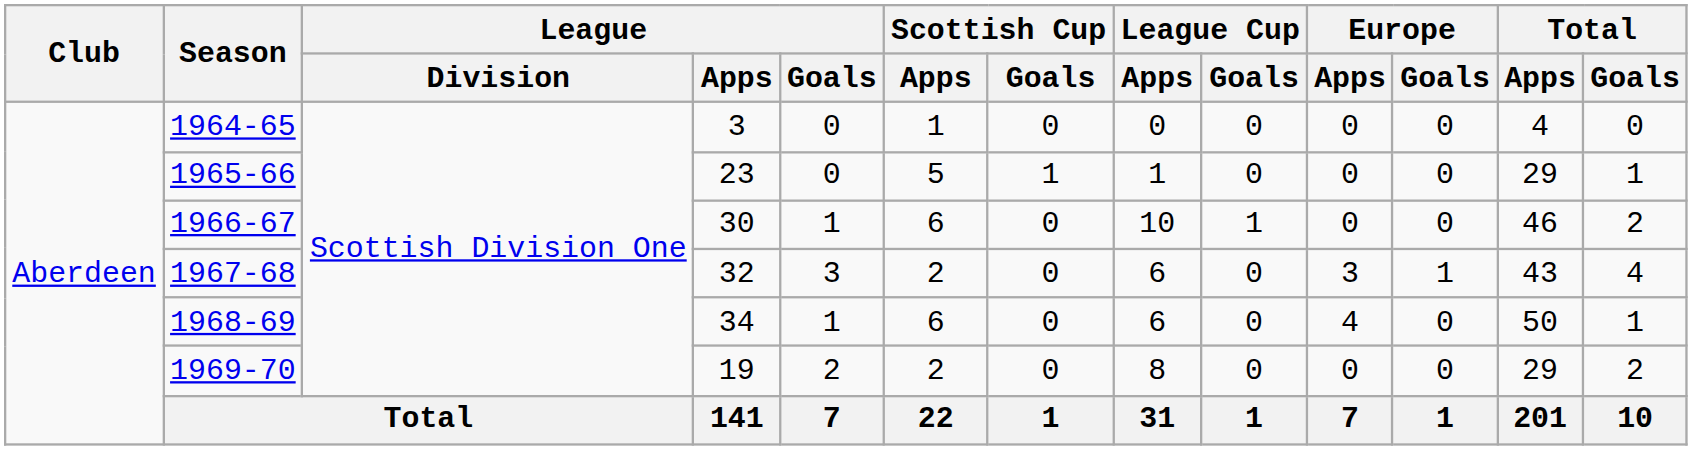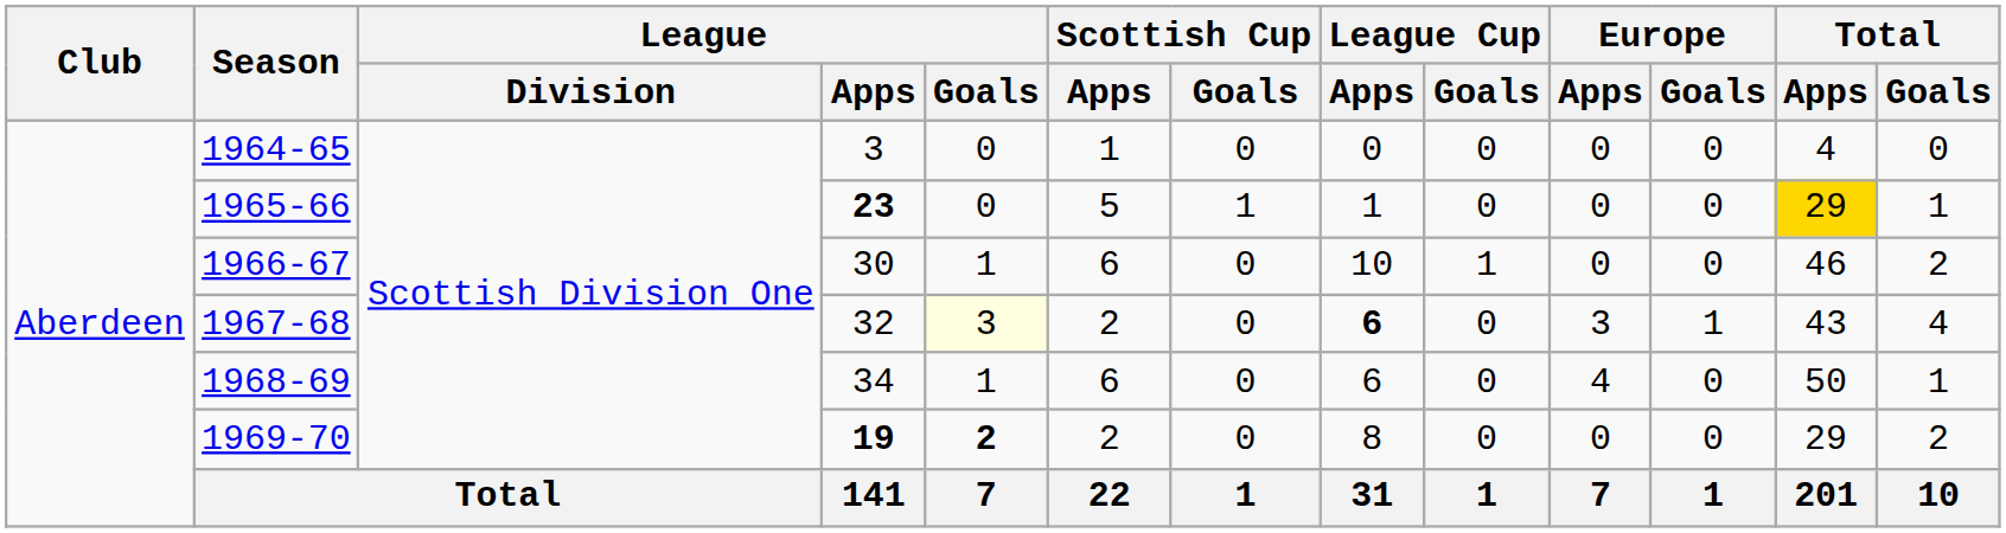 <table class="wikitable" style="text-align:center">
 <tr>
 <th rowspan="2">Club</th>
 <th rowspan="2">Season</th>
 <th colspan="3">League</th>
 <th colspan="2">Scottish Cup</th>
 <th colspan="2">League Cup</th>
 <th colspan="2">Europe</th>
 <th colspan="2">Total</th>
 </tr>
 <tr>
 <th>Division</th>
 <th>Apps</th>
 <th>Goals</th>
 <th>Apps</th>
 <th>Goals</th>
 <th>Apps</th>
 <th>Goals</th>
 <th>Apps</th>
 <th>Goals</th>
 <th>Apps</th>
 <th>Goals</th>
 </tr>
 <tr>
 <td rowspan="7"><a href='#'>Aberdeen</a></td>
 <td><a href='#'>1964-65</a></td>
 <td rowspan="6"><a href='#'>Scottish Division One</a></td>
 <td>3</td>
 <td>0</td>
 <td>1</td>
 <td>0</td>
 <td>0</td>
 <td>0</td>
 <td>0</td>
 <td>0</td>
 <td>4</td>
 <td>0</td>
 </tr>
 <tr>
 <td><a href='#'>1965-66</a></td>
-<td>23</td>
+<td><strong>23</strong></td>
 <td>0</td>
 <td>5</td>
 <td>1</td>
 <td>1</td>
 <td>0</td>
 <td>0</td>
 <td>0</td>
-<td>29</td>
+<td style="background: gold;">29</td>
 <td>1</td>
 </tr>
 <tr>
 <td><a href='#'>1966-67</a></td>
 <td>30</td>
 <td>1</td>
 <td>6</td>
 <td>0</td>
 <td>10</td>
 <td>1</td>
 <td>0</td>
 <td>0</td>
 <td>46</td>
 <td>2</td>
 </tr>
 <tr>
 <td><a href='#'>1967-68</a></td>
 <td>32</td>
-<td>3</td>
+<td style="background: lightyellow;">3</td>
 <td>2</td>
 <td>0</td>
-<td>6</td>
+<td><strong>6</strong></td>
 <td>0</td>
 <td>3</td>
 <td>1</td>
 <td>43</td>
 <td>4</td>
 </tr>
 <tr>
 <td><a href='#'>1968-69</a></td>
 <td>34</td>
 <td>1</td>
 <td>6</td>
 <td>0</td>
 <td>6</td>
 <td>0</td>
 <td>4</td>
 <td>0</td>
 <td>50</td>
 <td>1</td>
 </tr>
 <tr>
 <td><a href='#'>1969-70</a></td>
-<td>19</td>
-<td>2</td>
+<td><strong>19</strong></td>
+<td><strong>2</strong></td>
 <td>2</td>
 <td>0</td>
 <td>8</td>
 <td>0</td>
 <td>0</td>
 <td>0</td>
 <td>29</td>
 <td>2</td>
 </tr>
 <tr>
 <th colspan="2">Total</th>
 <th>141</th>
 <th>7</th>
 <th>22</th>
 <th>1</th>
 <th>31</th>
 <th>1</th>
 <th>7</th>
 <th>1</th>
 <th>201</th>
 <th>10</th>
 </tr>
 </table>
